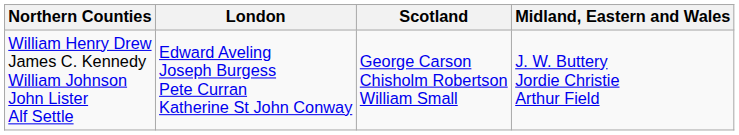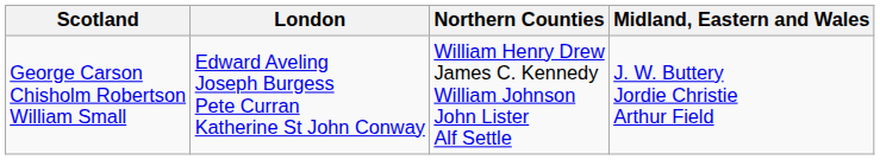 <table class="wikitable">
 <tr>
+<th>Scotland</th>
+<th>London</th>
 <th>Northern Counties</th>
-<th>London</th>
-<th>Scotland</th>
 <th>Midland, Eastern and Wales</th>
 </tr>
 <tr>
+<td><a href='#'>George Carson</a><br><a href='#'>Chisholm Robertson</a><br><a href='#'>William Small</a></td>
+<td><a href='#'>Edward Aveling</a><br><a href='#'>Joseph Burgess</a><br><a href='#'>Pete Curran</a><br><a href='#'>Katherine St John Conway</a></td>
 <td><a href='#'>William Henry Drew</a><br>James C. Kennedy<br><a href='#'>William Johnson</a><br><a href='#'>John Lister</a><br><a href='#'>Alf Settle</a></td>
-<td><a href='#'>Edward Aveling</a><br><a href='#'>Joseph Burgess</a><br><a href='#'>Pete Curran</a><br><a href='#'>Katherine St John Conway</a></td>
-<td><a href='#'>George Carson</a><br><a href='#'>Chisholm Robertson</a><br><a href='#'>William Small</a></td>
 <td><a href='#'>J. W. Buttery</a><br><a href='#'>Jordie Christie</a><br><a href='#'>Arthur Field</a></td>
 </tr>
 </table>
